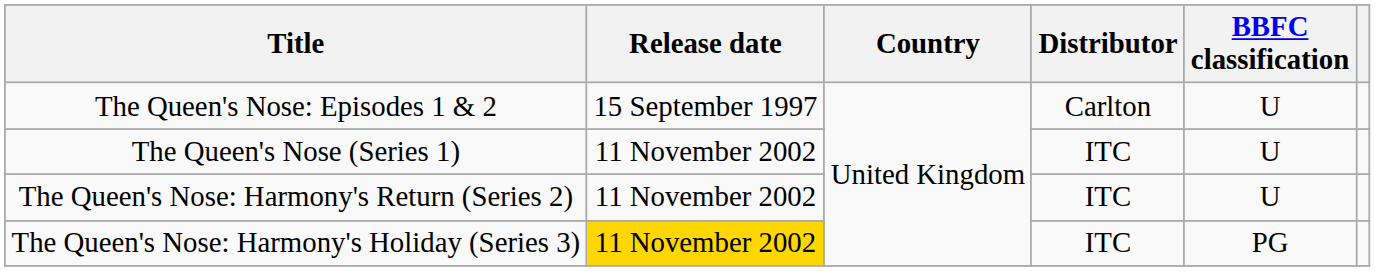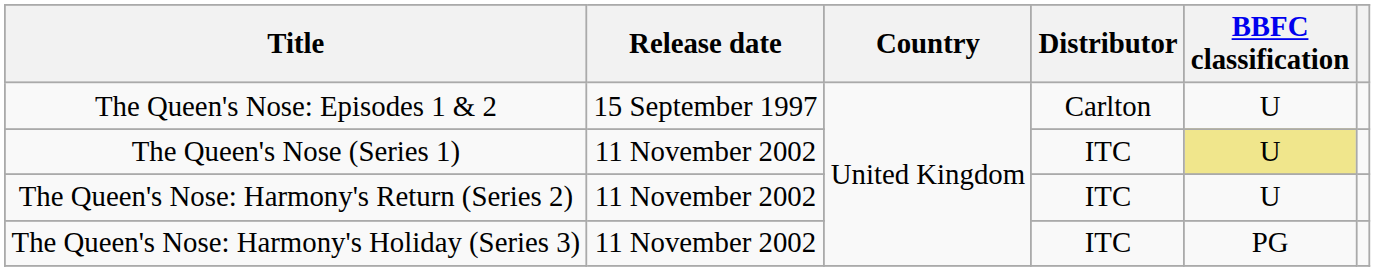 <table class="wikitable" style="text-align:center;">
 <tr>
 <th>Title</th>
 <th>Release date</th>
 <th>Country</th>
 <th>Distributor</th>
 <th><a href='#'>BBFC</a><br>classification</th>
 <th></th>
 </tr>
 <tr>
 <td>The Queen's Nose: Episodes 1 & 2</td>
 <td>15 September 1997</td>
 <td rowspan="4">United Kingdom</td>
 <td>Carlton</td>
 <td>U</td>
 <td></td>
 </tr>
 <tr>
 <td>The Queen's Nose (Series 1)</td>
 <td>11 November 2002</td>
 <td>ITC</td>
-<td>U</td>
+<td style="background: khaki;">U</td>
 <td></td>
 </tr>
 <tr>
 <td>The Queen's Nose: Harmony's Return (Series 2)</td>
 <td>11 November 2002</td>
 <td>ITC</td>
 <td>U</td>
 <td></td>
 </tr>
 <tr>
 <td>The Queen's Nose: Harmony's Holiday (Series 3)</td>
-<td style="background: gold;">11 November 2002</td>
+<td>11 November 2002</td>
 <td>ITC</td>
 <td>PG</td>
 <td></td>
 </tr>
 </table>
